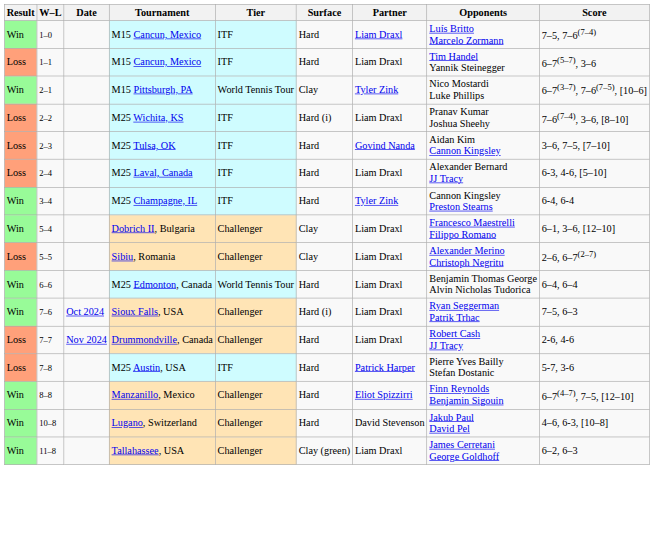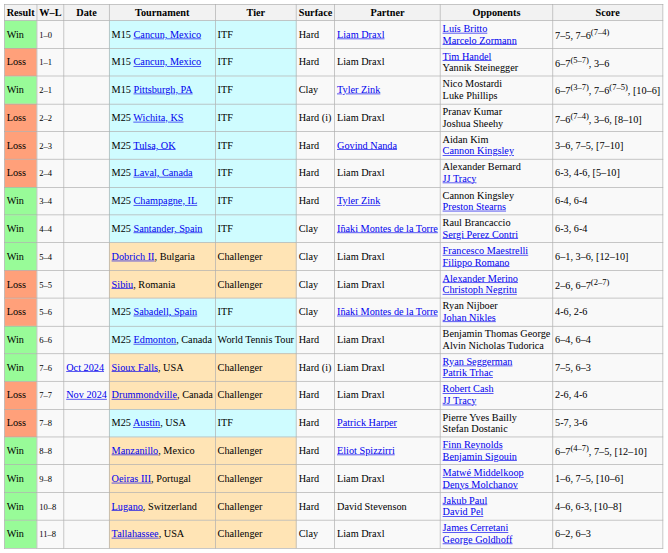 <table class="sortable wikitable nowrap">
 <tr>
 <th>Result</th>
 <th class="unsortable">W–L</th>
 <th>Date</th>
 <th>Tournament</th>
 <th>Tier</th>
 <th>Surface</th>
 <th>Partner</th>
 <th>Opponents</th>
 <th class="unsortable">Score</th>
 </tr>
 <tr>
 <td style="background:#98FB98">Win</td>
 <td><small>1–0</small></td>
 <td></td>
 <td style="background:#cffcff;">M15 <a href='#'>Cancun, Mexico</a></td>
 <td style="background:#cffcff;">ITF</td>
 <td>Hard</td>
 <td> <a href='#'>Liam Draxl</a></td>
 <td> <a href='#'>Luís Britto</a><br> <a href='#'>Marcelo Zormann</a></td>
 <td>7–5, 7–6<sup>(7–4)</sup></td>
 </tr>
 <tr>
 <td style="background:#FFA07A">Loss</td>
 <td><small>1–1</small></td>
 <td></td>
 <td style="background:#cffcff;">M15 <a href='#'>Cancun, Mexico</a></td>
 <td style="background:#cffcff;">ITF</td>
 <td>Hard</td>
 <td> Liam Draxl</td>
 <td> <a href='#'>Tim Handel</a><br> Yannik Steinegger</td>
 <td>6–7<sup>(5–7)</sup>, 3–6</td>
 </tr>
 <tr>
 <td style="background:#98FB98">Win</td>
 <td><small>2–1</small></td>
 <td></td>
 <td style="background:#cffcff;">M15 <a href='#'>Pittsburgh, PA</a></td>
-<td style="background:#cffcff;">World Tennis Tour</td>
+<td style="background:#cffcff;">ITF</td>
 <td>Clay</td>
 <td> <a href='#'>Tyler Zink</a></td>
 <td> Nico Mostardi<br> Luke Phillips</td>
 <td>6–7<sup>(3–7)</sup>, 7–6<sup>(7–5)</sup>, [10–6]</td>
 </tr>
 <tr>
 <td style="background:#FFA07A">Loss</td>
 <td><small>2–2</small></td>
 <td></td>
 <td style="background:#cffcff;">M25 <a href='#'>Wichita, KS</a></td>
 <td style="background:#cffcff;">ITF</td>
 <td>Hard (i)</td>
 <td> Liam Draxl</td>
 <td> Pranav Kumar <br>  Joshua Sheehy</td>
 <td>7–6<sup>(7–4)</sup>, 3–6, [8–10]</td>
 </tr>
 <tr>
 <td style="background:#FFA07A">Loss</td>
 <td><small>2–3</small></td>
 <td></td>
 <td style="background:#cffcff;">M25 <a href='#'>Tulsa, OK</a></td>
 <td style="background:#cffcff;">ITF</td>
 <td>Hard</td>
 <td> <a href='#'>Govind Nanda</a></td>
 <td> Aidan Kim <br>  <a href='#'>Cannon Kingsley</a></td>
 <td>3–6, 7–5, [7–10]</td>
 </tr>
 <tr>
 <td style="background:#FFA07A">Loss</td>
 <td><small>2–4</small></td>
 <td></td>
 <td style="background:#cffcff;">M25 <a href='#'>Laval, Canada</a></td>
 <td style="background:#cffcff;">ITF</td>
 <td>Hard</td>
 <td> Liam Draxl</td>
 <td> Alexander Bernard <br>  <a href='#'>JJ Tracy</a></td>
 <td>6-3, 4-6, [5–10]</td>
 </tr>
 <tr>
 <td bgcolor=98FB98>Win</td>
 <td><small>3–4</small></td>
 <td></td>
 <td style="background:#cffcff;">M25 <a href='#'>Champagne, IL</a></td>
 <td style="background:#cffcff;">ITF</td>
 <td>Hard</td>
 <td> <a href='#'>Tyler Zink</a></td>
 <td> Cannon Kingsley <br>  <a href='#'>Preston Stearns</a></td>
 <td>6-4, 6-4</td>
 </tr>
 <tr>
 <td bgcolor=98FB98>Win</td>
+<td><small>4–4</small></td>
+<td></td>
+<td style="background:#cffcff;">M25 <a href='#'>Santander, Spain</a></td>
+<td style="background:#cffcff;">ITF</td>
+<td>Clay</td>
+<td> <a href='#'>Iñaki Montes de la Torre</a></td>
+<td> Raul Brancaccio <br>  <a href='#'>Sergi Perez Contri</a></td>
+<td>6-3, 6-4</td>
+</tr>
+<tr>
+<td bgcolor=98FB98>Win</td>
 <td><small>5–4</small></td>
 <td><a href='#'></a></td>
 <td style="background:moccasin;"><a href='#'>Dobrich II</a>, Bulgaria</td>
 <td style="background:moccasin;">Challenger</td>
 <td>Clay</td>
 <td> Liam Draxl</td>
 <td> <a href='#'>Francesco Maestrelli</a> <br><a href='#'>Filippo Romano</a></td>
 <td>6–1, 3–6, [12–10]</td>
 </tr>
 <tr>
 <td bgcolor= FFA07A>Loss</td>
 <td><small>5–5</small></td>
 <td><a href='#'></a></td>
 <td style="background:moccasin;"><a href='#'>Sibiu</a>, Romania</td>
 <td style="background:moccasin;">Challenger</td>
 <td>Clay</td>
 <td> Liam Draxl</td>
 <td> <a href='#'>Alexander Merino</a><br>  <a href='#'>Christoph Negritu</a></td>
 <td>2–6, 6–7<sup>(2–7)</sup></td>
+</tr>
+<tr>
+<td style="background:#FFA07A">Loss</td>
+<td><small>5–6</small></td>
+<td></td>
+<td style="background:#cffcff;">M25 <a href='#'>Sabadell, Spain</a></td>
+<td style="background:#cffcff;">ITF</td>
+<td>Clay</td>
+<td> <a href='#'>Iñaki Montes de la Torre</a></td>
+<td> Ryan Nijboer <br>  <a href='#'>Johan Nikles</a></td>
+<td>4-6, 2-6</td>
 </tr>
 <tr>
 <td bgcolor=98FB98>Win</td>
 <td><small>6–6</small></td>
 <td></td>
 <td style="background:#cffcff;">M25 <a href='#'>Edmonton</a>, Canada</td>
 <td style="background:#cffcff;">World Tennis Tour</td>
 <td>Hard</td>
 <td> Liam Draxl</td>
 <td> Benjamin Thomas George <br> Alvin Nicholas Tudorica</td>
 <td>6–4, 6–4</td>
 </tr>
 <tr>
 <td bgcolor= 98FB98>Win</td>
 <td><small>7–6</small></td>
 <td><a href='#'>Oct 2024</a></td>
 <td style="background:moccasin;"><a href='#'>Sioux Falls</a>, USA</td>
 <td style="background:moccasin;">Challenger</td>
 <td>Hard (i)</td>
 <td> Liam Draxl</td>
 <td> <a href='#'>Ryan Seggerman</a><br> <a href='#'>Patrik Trhac</a></td>
 <td>7–5, 6–3</td>
 </tr>
 <tr>
 <td bgcolor= FFA07A>Loss</td>
 <td><small>7–7</small></td>
 <td><a href='#'>Nov 2024</a></td>
 <td style="background:moccasin;"><a href='#'>Drummondville</a>, Canada</td>
 <td style="background:moccasin;">Challenger</td>
 <td>Hard</td>
 <td> Liam Draxl</td>
 <td> <a href='#'>Robert Cash</a><br> <a href='#'>JJ Tracy</a></td>
 <td>2-6, 4-6</td>
 </tr>
 <tr>
 <td bgcolor=FFA07A>Loss</td>
 <td><small>7–8</small></td>
 <td></td>
 <td style="background:#cffcff;">M25 <a href='#'>Austin</a>, USA</td>
 <td style="background:#cffcff;">ITF</td>
 <td>Hard</td>
 <td> <a href='#'>Patrick Harper</a></td>
 <td> Pierre Yves Bailly <br> Stefan Dostanic</td>
 <td>5-7, 3-6</td>
 </tr>
 <tr>
 <td style="background:#98FB98">Win</td>
 <td><small>8–8</small></td>
 <td><a href='#'></a></td>
 <td style="background:moccasin;"><a href='#'>Manzanillo</a>, Mexico</td>
 <td style="background:moccasin;">Challenger</td>
 <td>Hard</td>
 <td> <a href='#'>Eliot Spizzirri</a></td>
 <td> <a href='#'>Finn Reynolds</a><br> <a href='#'>Benjamin Sigouin</a></td>
 <td>6–7<sup>(4–7)</sup>, 7–5,  [12–10]</td>
 </tr>
 <tr>
 <td style="background:#98FB98">Win</td>
+<td><small>9–8</small></td>
+<td><a href='#'></a></td>
+<td style="background:moccasin;"><a href='#'> Oeiras III</a>, Portugal</td>
+<td style="background:moccasin;">Challenger</td>
+<td>Hard</td>
+<td> Liam Draxl</td>
+<td> <a href='#'>Matwé Middelkoop</a><br> <a href='#'>Denys Molchanov</a></td>
+<td>1–6, 7–5,  [10–6]</td>
+</tr>
+<tr>
+<td style="background:#98FB98">Win</td>
 <td><small>10–8</small></td>
 <td><a href='#'></a></td>
 <td style="background:moccasin;"><a href='#'>Lugano</a>, Switzerland</td>
 <td style="background:moccasin;">Challenger</td>
 <td>Hard</td>
 <td> David Stevenson</td>
 <td> <a href='#'>Jakub Paul</a><br> <a href='#'>David Pel</a></td>
 <td>4–6, 6-3,  [10–8]</td>
 </tr>
 <tr>
 <td bgcolor=98fb98>Win</td>
 <td><small>11–8</small></td>
 <td><a href='#'></a></td>
 <td style="background:moccasin;"><a href='#'>Tallahassee</a>, USA</td>
 <td style="background:moccasin;">Challenger</td>
-<td>Clay (green)</td>
+<td>Clay</td>
 <td> Liam Draxl</td>
 <td> <a href='#'>James Cerretani</a> <br>  <a href='#'>George Goldhoff</a></td>
 <td>6–2, 6–3</td>
 </tr>
 </table>
